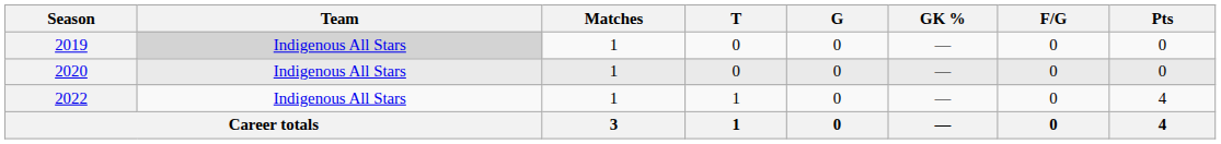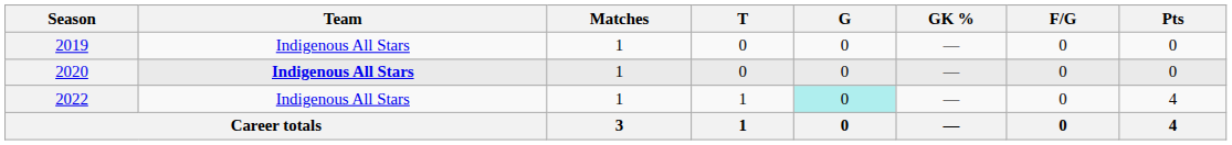 <table class="wikitable sortable"  style="font-size:90%; text-align:center; width:85%;">
 <tr>
 <th width=2%>Season</th>
 <th width=8%>Team</th>
 <th width=2%>Matches</th>
 <th width=2%>T</th>
 <th width=2%>G</th>
 <th width=2%>GK %</th>
 <th width=2%>F/G</th>
 <th width=2%>Pts</th>
 </tr>
 <tr>
 <th scope="row" style="text-align:center; font-weight:normal"><a href='#'>2019</a></th>
-<td style="background: lightgrey; text-align:center;"> <a href='#'>Indigenous All Stars</a></td>
+<td style="text-align:center;"> <a href='#'>Indigenous All Stars</a></td>
 <td>1</td>
 <td>0</td>
 <td>0</td>
 <td>—</td>
 <td>0</td>
 <td>0</td>
 </tr>
 <tr style="background:#eaeaea;">
 <th scope="row" style="text-align:center; font-weight:normal"><a href='#'>2020</a></th>
-<td style="text-align:center;"> <a href='#'>Indigenous All Stars</a></td>
+<td style="text-align:center;"><strong> <a href='#'>Indigenous All Stars</a></strong></td>
 <td>1</td>
 <td>0</td>
 <td>0</td>
 <td>—</td>
 <td>0</td>
 <td>0</td>
 </tr>
 <tr>
 <th scope="row" style="text-align:center; font-weight:normal"><a href='#'>2022</a></th>
 <td style="text-align:center;"> <a href='#'>Indigenous All Stars</a></td>
 <td>1</td>
 <td>1</td>
-<td>0</td>
+<td style="background: paleturquoise;">0</td>
 <td>—</td>
 <td>0</td>
 <td>4</td>
 </tr>
 <tr class="sortbottom">
 <th colspan=2>Career totals</th>
 <th>3</th>
 <th>1</th>
 <th>0</th>
 <th>—</th>
 <th>0</th>
 <th>4</th>
 </tr>
 </table>
